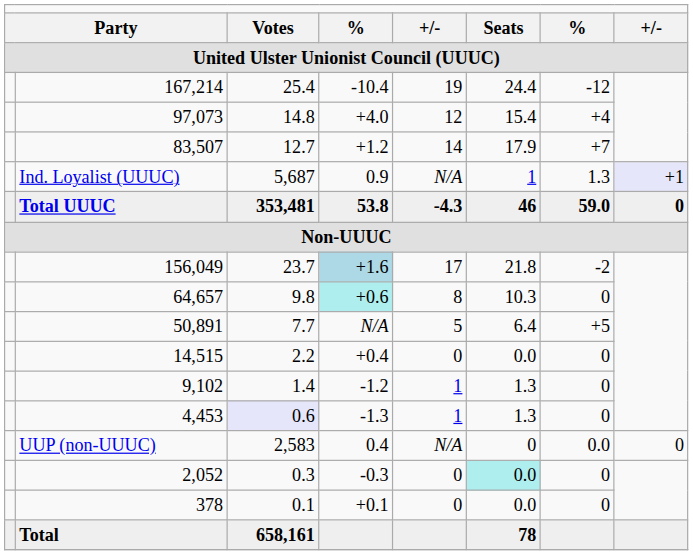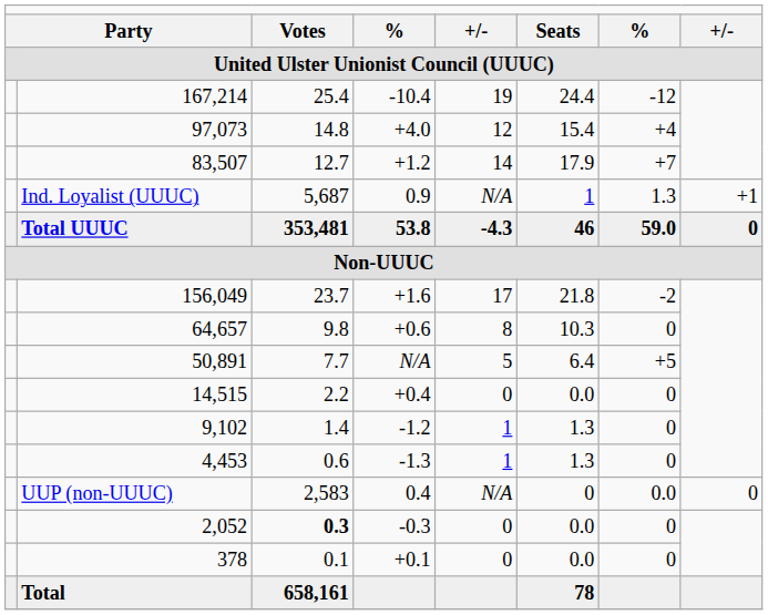 <table class="wikitable" style="font-size:95%;">
 <tr>
 <td colspan=10></td>
 </tr>
 <tr>
 <th style="width:180px;" colspan="2">Party</th>
 <th style="width:70px;">Votes</th>
 <th style="width:55px;">%</th>
 <th style="width:55px;">+/-</th>
 <th style="width:55px;">Seats</th>
 <th style="width:55px;">%</th>
 <th style="width:55px;">+/-</th>
 </tr>
 <tr>
 <td colspan=11 bgcolor=#E0E0E0 align="center"><strong>United Ulster Unionist Council (UUUC)</strong></td>
 </tr>
 <tr>
 <td></td>
 <td style="text-align:right;">167,214</td>
 <td style="text-align:right;">25.4</td>
 <td style="text-align:right;">-10.4</td>
 <td style="text-align:right;">19</td>
 <td style="text-align:right;">24.4</td>
 <td style="text-align:right;">-12</td>
 </tr>
 <tr>
 <td></td>
 <td style="text-align:right;">97,073</td>
 <td style="text-align:right;">14.8</td>
 <td style="text-align:right;">+4.0</td>
 <td style="text-align:right;">12</td>
 <td style="text-align:right;">15.4</td>
 <td style="text-align:right;">+4</td>
 </tr>
 <tr>
 <td></td>
 <td style="text-align:right;">83,507</td>
 <td style="text-align:right;">12.7</td>
 <td style="text-align:right;">+1.2</td>
 <td style="text-align:right;">14</td>
 <td style="text-align:right;">17.9</td>
 <td style="text-align:right;">+7</td>
 </tr>
 <tr>
 <td></td>
 <td><a href='#'>Ind. Loyalist (UUUC)</a></td>
 <td style="text-align:right;">5,687</td>
 <td style="text-align:right;">0.9</td>
 <td style="text-align:right;"><em>N/A</em></td>
 <td style="text-align:right;"><a href='#'>1</a></td>
 <td style="text-align:right;">1.3</td>
-<td style="background: lavender; text-align:right;">+1</td>
+<td style="text-align:right;">+1</td>
 </tr>
 <tr>
 <td colspan=1 bgcolor=#efefef align="left"></td>
 <td colspan=1 bgcolor=#efefef align="left"><strong><a href='#'>Total UUUC</a></strong></td>
 <td colspan=1 bgcolor=#efefef  style="text-align:right;"><strong>353,481</strong></td>
 <td colspan=1 bgcolor=#efefef  style="text-align:right;"><strong>53.8</strong></td>
 <td colspan=1 bgcolor=#efefef style="text-align:right;"><strong>-4.3</strong></td>
 <td colspan=1 bgcolor=#efefef style="text-align:right;"><strong>46</strong></td>
 <td colspan=1 bgcolor=#efefef style="text-align:right;"><strong>59.0</strong></td>
 <td colspan=1 bgcolor=#efefef  style="text-align:right;"><strong>0</strong></td>
 </tr>
 <tr>
 <td colspan=11 bgcolor=#E0E0E0 align="center"><strong>Non-UUUC</strong></td>
 </tr>
 <tr>
 <td></td>
 <td style="text-align:right;">156,049</td>
 <td style="text-align:right;">23.7</td>
-<td style="background: lightblue; text-align:right;">+1.6</td>
+<td style="text-align:right;">+1.6</td>
 <td style="text-align:right;">17</td>
 <td style="text-align:right;">21.8</td>
 <td style="text-align:right;">-2</td>
 </tr>
 <tr>
 <td></td>
 <td style="text-align:right;">64,657</td>
 <td style="text-align:right;">9.8</td>
-<td style="background: paleturquoise; text-align:right;">+0.6</td>
+<td style="text-align:right;">+0.6</td>
 <td style="text-align:right;">8</td>
 <td style="text-align:right;">10.3</td>
 <td style="text-align:right;">0</td>
 </tr>
 <tr>
 <td></td>
 <td style="text-align:right;">50,891</td>
 <td style="text-align:right;">7.7</td>
 <td style="text-align:right;"><em>N/A</em></td>
 <td style="text-align:right;">5</td>
 <td style="text-align:right;">6.4</td>
 <td style="text-align:right;">+5</td>
 </tr>
 <tr>
 <td></td>
 <td style="text-align:right;">14,515</td>
 <td style="text-align:right;">2.2</td>
 <td style="text-align:right;">+0.4</td>
 <td style="text-align:right;">0</td>
 <td style="text-align:right;">0.0</td>
 <td style="text-align:right;">0</td>
 </tr>
 <tr>
 <td></td>
 <td style="text-align:right;">9,102</td>
 <td style="text-align:right;">1.4</td>
 <td style="text-align:right;">-1.2</td>
 <td style="text-align:right;"><a href='#'>1</a></td>
 <td style="text-align:right;">1.3</td>
 <td style="text-align:right;">0</td>
 </tr>
 <tr>
 <td></td>
 <td style="text-align:right;">4,453</td>
-<td style="background: lavender; text-align:right;">0.6</td>
+<td style="text-align:right;">0.6</td>
 <td style="text-align:right;">-1.3</td>
 <td style="text-align:right;"><a href='#'>1</a></td>
 <td style="text-align:right;">1.3</td>
 <td style="text-align:right;">0</td>
 </tr>
 <tr>
 <td></td>
 <td><a href='#'>UUP (non-UUUC)</a></td>
 <td style="text-align:right;">2,583</td>
 <td style="text-align:right;">0.4</td>
 <td style="text-align:right;"><em>N/A</em></td>
 <td style="text-align:right;">0</td>
 <td style="text-align:right;">0.0</td>
 <td style="text-align:right;">0</td>
 </tr>
 <tr>
 <td></td>
 <td style="text-align:right;">2,052</td>
-<td style="text-align:right;">0.3</td>
+<td style="text-align:right;"><strong>0.3</strong></td>
 <td style="text-align:right;">-0.3</td>
 <td style="text-align:right;">0</td>
-<td style="background: paleturquoise; text-align:right;">0.0</td>
+<td style="text-align:right;">0.0</td>
 <td style="text-align:right;">0</td>
 </tr>
 <tr>
 <td></td>
 <td style="text-align:right;">378</td>
 <td style="text-align:right;">0.1</td>
 <td style="text-align:right;">+0.1</td>
 <td style="text-align:right;">0</td>
 <td style="text-align:right;">0.0</td>
 <td style="text-align:right;">0</td>
 </tr>
 <tr>
 <td colspan=1 bgcolor=#efefef align="left"></td>
 <td colspan=1 bgcolor=#efefef align="left"><strong>Total</strong></td>
 <td colspan=1 bgcolor=#efefef  style="text-align:right;"><strong>658,161</strong></td>
 <td colspan=1 bgcolor=#efefef  style="text-align:right;"></td>
 <td colspan=1 bgcolor=#efefef style="text-align:right;"></td>
 <td colspan=1 bgcolor=#efefef style="text-align:right;"><strong>78</strong></td>
 <td colspan=1 bgcolor=#efefef  style="text-align:right;"></td>
 <td colspan=1 bgcolor=#efefef  style="text-align:right;"></td>
 </tr>
 <tr>
 </tr>
 </table>
